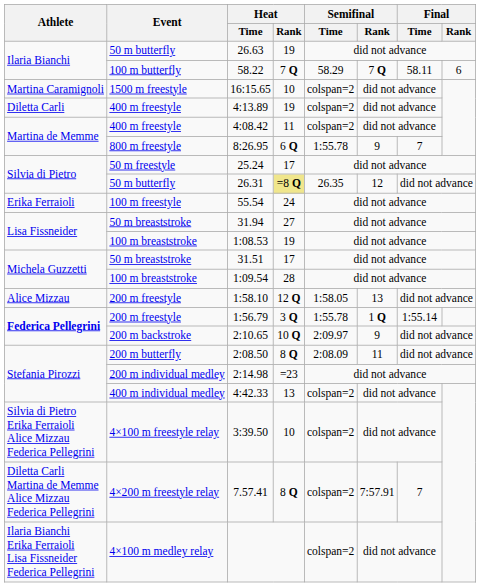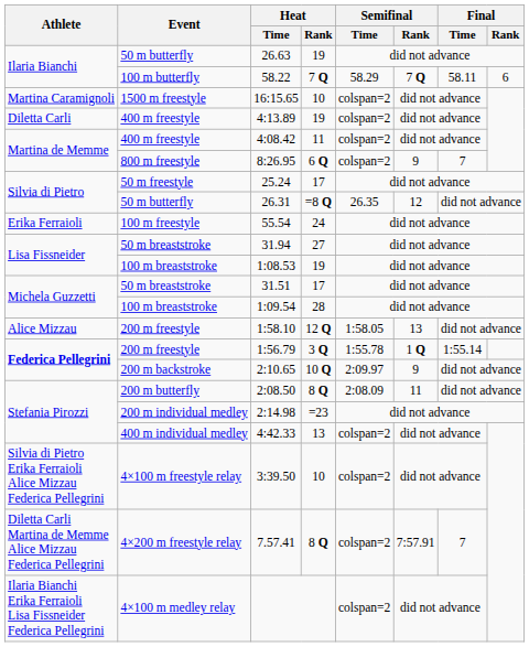 <table class=wikitable style="font-size:90%">
 <tr>
 <th rowspan="2">Athlete</th>
 <th rowspan="2">Event</th>
 <th colspan="2">Heat</th>
 <th colspan="2">Semifinal</th>
 <th colspan="2">Final</th>
 </tr>
 <tr style="font-size:95%">
 <th>Time</th>
 <th>Rank</th>
 <th>Time</th>
 <th>Rank</th>
 <th>Time</th>
 <th>Rank</th>
 </tr>
 <tr align=center>
 <td align=left rowspan=2><a href='#'>Ilaria Bianchi</a></td>
 <td align=left><a href='#'>50 m butterfly</a></td>
 <td>26.63</td>
 <td>19</td>
 <td colspan=4>did not advance</td>
 </tr>
 <tr align=center>
 <td align=left><a href='#'>100 m butterfly</a></td>
 <td>58.22</td>
 <td>7 <strong>Q</strong></td>
 <td>58.29</td>
 <td>7 <strong>Q</strong></td>
 <td>58.11</td>
 <td>6</td>
 </tr>
 <tr align=center>
 <td align=left><a href='#'>Martina Caramignoli</a></td>
 <td align=left><a href='#'>1500 m freestyle</a></td>
 <td>16:15.65</td>
 <td>10</td>
 <td>colspan=2 </td>
 <td colspan=2>did not advance</td>
 </tr>
 <tr align=center>
 <td align=left><a href='#'>Diletta Carli</a></td>
 <td align=left><a href='#'>400 m freestyle</a></td>
 <td>4:13.89</td>
 <td>19</td>
 <td>colspan=2 </td>
 <td colspan=2>did not advance</td>
 </tr>
 <tr align=center>
 <td align=left rowspan=2><a href='#'>Martina de Memme</a></td>
 <td align=left><a href='#'>400 m freestyle</a></td>
 <td>4:08.42</td>
 <td>11</td>
 <td>colspan=2 </td>
 <td colspan=2>did not advance</td>
 </tr>
 <tr align=center>
 <td align=left><a href='#'>800 m freestyle</a></td>
 <td>8:26.95</td>
 <td>6 <strong>Q</strong></td>
-<td>1:55.78</td>
+<td>colspan=2 </td>
 <td>9</td>
 <td>7</td>
 </tr>
 <tr align=center>
 <td align=left rowspan=2><a href='#'>Silvia di Pietro</a></td>
 <td align=left><a href='#'>50 m freestyle</a></td>
 <td>25.24</td>
 <td>17</td>
 <td colspan=4>did not advance</td>
 </tr>
 <tr align=center>
 <td align=left><a href='#'>50 m butterfly</a></td>
 <td>26.31</td>
-<td style="background: khaki;">=8 <strong>Q</strong></td>
+<td>=8 <strong>Q</strong></td>
 <td>26.35</td>
 <td>12</td>
 <td colspan=2>did not advance</td>
 </tr>
 <tr align=center>
 <td align=left><a href='#'>Erika Ferraioli</a></td>
 <td align=left><a href='#'>100 m freestyle</a></td>
 <td>55.54</td>
 <td>24</td>
 <td colspan=4>did not advance</td>
 </tr>
 <tr align=center>
 <td align=left rowspan=2><a href='#'>Lisa Fissneider</a></td>
 <td align=left><a href='#'>50 m breaststroke</a></td>
 <td>31.94</td>
 <td>27</td>
 <td colspan=4>did not advance</td>
 </tr>
 <tr align=center>
 <td align=left><a href='#'>100 m breaststroke</a></td>
 <td>1:08.53</td>
 <td>19</td>
 <td colspan=4>did not advance</td>
 </tr>
 <tr align=center>
 <td align=left rowspan=2><a href='#'>Michela Guzzetti</a></td>
 <td align=left><a href='#'>50 m breaststroke</a></td>
 <td>31.51</td>
 <td>17</td>
 <td colspan=4>did not advance</td>
 </tr>
 <tr align=center>
 <td align=left><a href='#'>100 m breaststroke</a></td>
 <td>1:09.54</td>
 <td>28</td>
 <td colspan=4>did not advance</td>
 </tr>
 <tr align=center>
 <td align=left><a href='#'>Alice Mizzau</a></td>
 <td align=left><a href='#'>200 m freestyle</a></td>
 <td>1:58.10</td>
 <td>12 <strong>Q</strong></td>
 <td>1:58.05</td>
 <td>13</td>
 <td colspan=2>did not advance</td>
 </tr>
 <tr align=center>
 <td align=left rowspan=2><strong><a href='#'>Federica Pellegrini</a></strong></td>
 <td align=left><a href='#'>200 m freestyle</a></td>
 <td>1:56.79</td>
 <td>3 <strong>Q</strong></td>
 <td>1:55.78</td>
 <td>1 <strong>Q</strong></td>
 <td>1:55.14</td>
 <td></td>
 </tr>
 <tr align=center>
 <td align=left><a href='#'>200 m backstroke</a></td>
 <td>2:10.65</td>
 <td>10 <strong>Q</strong></td>
 <td>2:09.97</td>
 <td>9</td>
 <td colspan=2>did not advance</td>
 </tr>
 <tr align=center>
 <td align=left rowspan=3><a href='#'>Stefania Pirozzi</a></td>
 <td align=left><a href='#'>200 m butterfly</a></td>
 <td>2:08.50</td>
 <td>8 <strong>Q</strong></td>
 <td>2:08.09</td>
 <td>11</td>
 <td colspan=2>did not advance</td>
 </tr>
 <tr align=center>
 <td align=left><a href='#'>200 m individual medley</a></td>
 <td>2:14.98</td>
 <td>=23</td>
 <td colspan=4>did not advance</td>
 </tr>
 <tr align=center>
 <td align=left><a href='#'>400 m individual medley</a></td>
 <td>4:42.33</td>
 <td>13</td>
 <td>colspan=2 </td>
 <td colspan=2>did not advance</td>
 </tr>
 <tr align=center>
 <td align=left><a href='#'>Silvia di Pietro</a><br><a href='#'>Erika Ferraioli</a><br><a href='#'>Alice Mizzau</a><br><a href='#'>Federica Pellegrini</a></td>
 <td align=left><a href='#'>4×100 m freestyle relay</a></td>
 <td>3:39.50</td>
 <td>10</td>
 <td>colspan=2 </td>
 <td colspan=2>did not advance</td>
 </tr>
 <tr align=center>
 <td align=left><a href='#'>Diletta Carli</a><br><a href='#'>Martina de Memme</a><br><a href='#'>Alice Mizzau</a><br><a href='#'>Federica Pellegrini</a></td>
 <td align=left><a href='#'>4×200 m freestyle relay</a></td>
 <td>7.57.41</td>
 <td>8 <strong>Q</strong></td>
 <td>colspan=2 </td>
 <td>7:57.91</td>
 <td>7</td>
 </tr>
 <tr align=center>
 <td align=left><a href='#'>Ilaria Bianchi</a><br><a href='#'>Erika Ferraioli</a><br><a href='#'>Lisa Fissneider</a><br><a href='#'>Federica Pellegrini</a></td>
 <td align=left><a href='#'>4×100 m medley relay</a></td>
 <td colspan=2></td>
 <td>colspan=2 </td>
 <td colspan=2>did not advance</td>
 </tr>
 </table>
